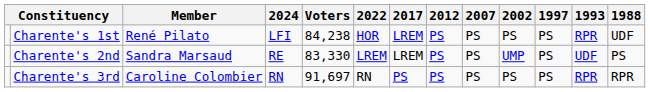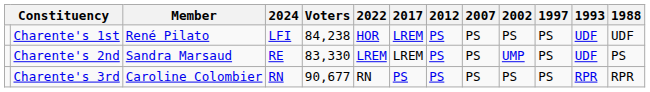 <table class="wikitable sortable">
 <tr>
 <th colspan="2">Constituency</th>
 <th>Member</th>
 <th>2024</th>
 <th>Voters</th>
 <th>2022</th>
 <th>2017</th>
 <th>2012</th>
 <th>2007</th>
 <th>2002</th>
 <th>1997</th>
 <th>1993</th>
 <th>1988</th>
 </tr>
 <tr>
 <td style="background-color: "></td>
 <td><a href='#'>Charente's 1st</a></td>
 <td><a href='#'>René Pilato</a></td>
 <td><a href='#'>LFI</a></td>
 <td>84,238</td>
 <td><a href='#'>HOR</a></td>
 <td><a href='#'>LREM</a></td>
 <td bgcolor=><a href='#'>PS</a></td>
 <td bgcolor=>PS</td>
 <td bgcolor=>PS</td>
 <td bgcolor=>PS</td>
-<td bgcolor=><a href='#'>RPR</a></td>
+<td bgcolor=><a href='#'>UDF</a></td>
 <td bgcolor=>UDF</td>
 </tr>
 <tr>
 <td style="background-color: "></td>
 <td><a href='#'>Charente's 2nd</a></td>
 <td><a href='#'>Sandra Marsaud</a></td>
 <td><a href='#'>RE</a></td>
 <td>83,330</td>
 <td><a href='#'>LREM</a></td>
 <td>LREM</td>
 <td bgcolor=><a href='#'>PS</a></td>
 <td bgcolor=>PS</td>
 <td bgcolor=><a href='#'>UMP</a></td>
 <td bgcolor=>PS</td>
 <td bgcolor=><a href='#'>UDF</a></td>
 <td bgcolor=>PS</td>
 </tr>
 <tr>
 <td style="background-color: "></td>
 <td><a href='#'>Charente's 3rd</a></td>
 <td><a href='#'>Caroline Colombier</a></td>
 <td><a href='#'>RN</a></td>
-<td>91,697</td>
+<td>90,677</td>
 <td>RN</td>
 <td><a href='#'>PS</a></td>
 <td bgcolor=><a href='#'>PS</a></td>
 <td bgcolor=>PS</td>
 <td bgcolor=>PS</td>
 <td bgcolor=>PS</td>
 <td bgcolor=><a href='#'>RPR</a></td>
 <td bgcolor=>RPR</td>
 </tr>
 </table>
